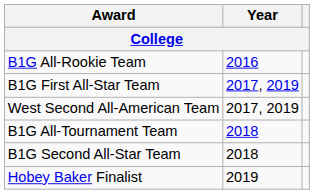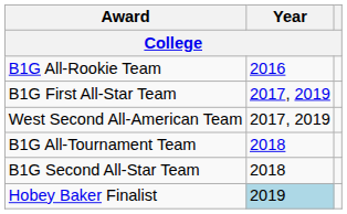 <table class="wikitable">
 <tr>
 <th>Award</th>
 <th>Year</th>
 <th></th>
 </tr>
 <tr ALIGN="center" bgcolor="#e0e0e0">
 <th colspan="3"><a href='#'>College</a></th>
 </tr>
 <tr>
 <td><a href='#'>B1G</a> All-Rookie Team</td>
 <td><a href='#'>2016</a></td>
 <td></td>
 </tr>
 <tr>
 <td>B1G First All-Star Team</td>
 <td><a href='#'>2017</a>, <a href='#'>2019</a></td>
 <td></td>
 </tr>
 <tr>
 <td>West Second All-American Team</td>
 <td>2017, 2019</td>
 <td></td>
 </tr>
 <tr>
 <td>B1G All-Tournament Team</td>
 <td><a href='#'>2018</a></td>
 <td></td>
 </tr>
 <tr>
 <td>B1G Second All-Star Team</td>
 <td>2018</td>
 <td></td>
 </tr>
 <tr>
 <td><a href='#'>Hobey Baker</a> Finalist</td>
-<td>2019</td>
+<td style="background: lightblue;">2019</td>
 <td></td>
 </tr>
 </table>
